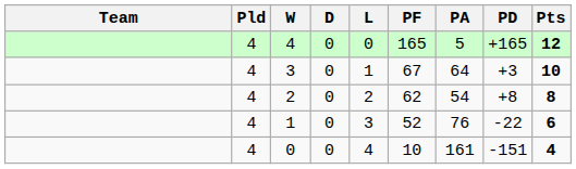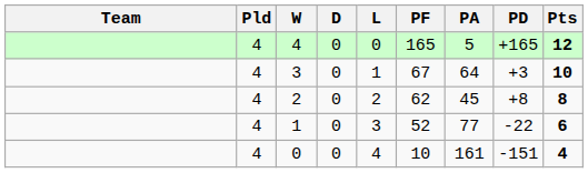 <table class="wikitable" style="text-align:center;">
 <tr>
 <th width=175>Team</th>
 <th width=25 abbr="Played">Pld</th>
 <th width=25 abbr="Won">W</th>
 <th width=25 abbr="Drawn">D</th>
 <th width=25 abbr="Lost">L</th>
 <th width=32 abbr="Points for">PF</th>
 <th width=32 abbr="Points against">PA</th>
 <th width=32 abbr="Points difference">PD</th>
 <th width=25 abbr="Points">Pts</th>
 </tr>
 <tr bgcolor=ccffcc>
 <td align=left></td>
 <td>4</td>
 <td>4</td>
 <td>0</td>
 <td>0</td>
 <td>165</td>
 <td>5</td>
 <td>+165</td>
 <td><strong>12</strong></td>
 </tr>
 <tr>
 <td align=left></td>
 <td>4</td>
 <td>3</td>
 <td>0</td>
 <td>1</td>
 <td>67</td>
 <td>64</td>
 <td>+3</td>
 <td><strong>10</strong></td>
 </tr>
 <tr>
 <td align=left></td>
 <td>4</td>
 <td>2</td>
 <td>0</td>
 <td>2</td>
 <td>62</td>
-<td>54</td>
+<td>45</td>
 <td>+8</td>
 <td><strong>8</strong></td>
 </tr>
 <tr>
 <td align=left></td>
 <td>4</td>
 <td>1</td>
 <td>0</td>
 <td>3</td>
 <td>52</td>
-<td>76</td>
+<td>77</td>
 <td>-22</td>
 <td><strong>6</strong></td>
 </tr>
 <tr>
 <td align=left></td>
 <td>4</td>
 <td>0</td>
 <td>0</td>
 <td>4</td>
 <td>10</td>
 <td>161</td>
 <td>-151</td>
 <td><strong>4</strong></td>
 </tr>
 </table>
